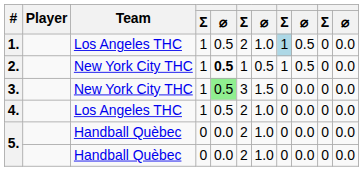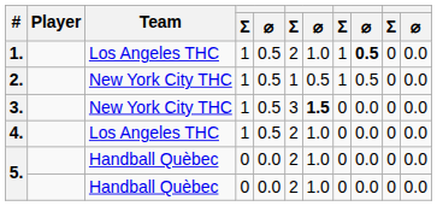 <table class="wikitable sortable" style="text-align:center">
 <tr>
 <th rowspan=2>#</th>
 <th rowspan=2>Player</th>
 <th rowspan=2>Team</th>
 <th colspan=2></th>
 <th colspan=2></th>
 <th colspan=2></th>
 <th colspan=2></th>
 </tr>
 <tr>
 <th>Σ</th>
 <th>⌀</th>
 <th>Σ</th>
 <th>⌀</th>
 <th>Σ</th>
 <th>⌀</th>
 <th>Σ</th>
 <th>⌀</th>
 </tr>
 <tr>
 <th>1.</th>
 <td style="text-align:left"></td>
 <td style="text-align:left"><a href='#'>Los Angeles THC</a></td>
 <td>1</td>
 <td>0.5</td>
 <td>2</td>
 <td>1.0</td>
-<td style="background: lightblue;">1</td>
-<td>0.5</td>
+<td>1</td>
+<td><strong>0.5</strong></td>
 <td>0</td>
 <td>0.0</td>
 </tr>
 <tr>
 <th>2.</th>
 <td style="text-align:left"></td>
 <td style="text-align:left"><a href='#'>New York City THC</a></td>
 <td>1</td>
-<td><strong>0.5</strong></td>
+<td>0.5</td>
 <td>1</td>
 <td>0.5</td>
 <td>1</td>
 <td>0.5</td>
 <td>0</td>
 <td>0.0</td>
 </tr>
 <tr>
 <th>3.</th>
 <td style="text-align:left"></td>
 <td style="text-align:left"><a href='#'>New York City THC</a></td>
 <td>1</td>
-<td style="background: lightgreen;">0.5</td>
+<td>0.5</td>
 <td>3</td>
-<td>1.5</td>
+<td><strong>1.5</strong></td>
 <td>0</td>
 <td>0.0</td>
 <td>0</td>
 <td>0.0</td>
 </tr>
 <tr>
 <th>4.</th>
 <td style="text-align:left"></td>
 <td style="text-align:left"><a href='#'>Los Angeles THC</a></td>
 <td>1</td>
 <td>0.5</td>
 <td>2</td>
 <td>1.0</td>
 <td>0</td>
 <td>0.0</td>
 <td>0</td>
 <td>0.0</td>
 </tr>
 <tr>
 <th rowspan=2>5.</th>
 <td style="text-align:left"></td>
 <td style="text-align:left"><a href='#'>Handball Quèbec</a></td>
 <td>0</td>
 <td>0.0</td>
 <td>2</td>
 <td>1.0</td>
 <td>0</td>
 <td>0.0</td>
 <td>0</td>
 <td>0.0</td>
 </tr>
 <tr>
 <td style="text-align:left"></td>
 <td style="text-align:left"><a href='#'>Handball Quèbec</a></td>
 <td>0</td>
 <td>0.0</td>
 <td>2</td>
 <td>1.0</td>
 <td>0</td>
 <td>0.0</td>
 <td>0</td>
 <td>0.0</td>
 </tr>
 </table>
